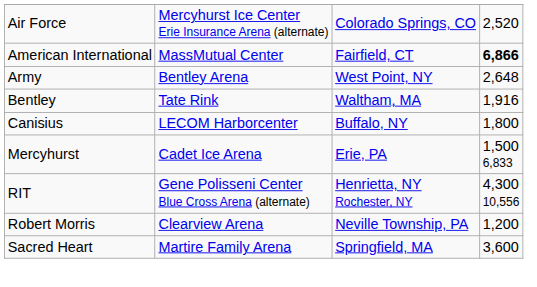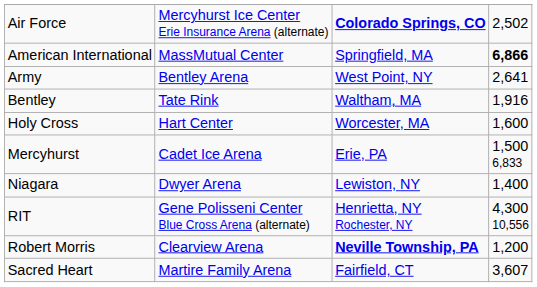 <table class="wikitable sortable">
 <tr>
 </tr>
 <tr>
 <td>Air Force</td>
 <td><a href='#'>Mercyhurst Ice Center</a><br><small><a href='#'>Erie Insurance Arena</a> (alternate)</small></td>
-<td><a href='#'>Colorado Springs, CO</a></td>
-<td>2,520</td>
+<td><strong><a href='#'>Colorado Springs, CO</a></strong></td>
+<td>2,502</td>
 </tr>
 <tr>
 <td>American International</td>
 <td><a href='#'>MassMutual Center</a></td>
-<td><a href='#'>Fairfield, CT</a></td>
+<td><a href='#'>Springfield, MA</a></td>
 <td><strong>6,866</strong></td>
 </tr>
 <tr>
 <td>Army</td>
 <td><a href='#'>Bentley Arena</a></td>
 <td><a href='#'>West Point, NY</a></td>
-<td>2,648</td>
+<td>2,641</td>
 </tr>
 <tr>
 <td>Bentley</td>
 <td><a href='#'>Tate Rink</a></td>
 <td><a href='#'>Waltham, MA</a></td>
 <td>1,916</td>
 </tr>
 <tr>
-<td>Canisius</td>
-<td><a href='#'>LECOM Harborcenter</a></td>
-<td><a href='#'>Buffalo, NY</a></td>
-<td>1,800</td>
+<td>Holy Cross</td>
+<td><a href='#'>Hart Center</a></td>
+<td><a href='#'>Worcester, MA</a></td>
+<td>1,600</td>
 </tr>
 <tr>
 <td>Mercyhurst</td>
 <td><a href='#'>Cadet Ice Arena</a></td>
 <td><a href='#'>Erie, PA</a></td>
 <td>1,500<br><small>6,833</small></td>
+</tr>
+<tr>
+<td>Niagara</td>
+<td><a href='#'>Dwyer Arena</a></td>
+<td><a href='#'>Lewiston, NY</a></td>
+<td>1,400</td>
 </tr>
 <tr>
 <td>RIT</td>
 <td><a href='#'>Gene Polisseni Center</a><br><small><a href='#'>Blue Cross Arena</a> (alternate)</small></td>
 <td><a href='#'>Henrietta, NY</a><br><small><a href='#'>Rochester, NY</a></small></td>
 <td>4,300<br><small>10,556</small></td>
 </tr>
 <tr>
 <td>Robert Morris</td>
 <td><a href='#'>Clearview Arena</a></td>
-<td><a href='#'>Neville Township, PA</a></td>
+<td><strong><a href='#'>Neville Township, PA</a></strong></td>
 <td>1,200</td>
 </tr>
 <tr>
 <td>Sacred Heart</td>
 <td><a href='#'>Martire Family Arena</a></td>
-<td><a href='#'>Springfield, MA</a></td>
-<td>3,600</td>
+<td><a href='#'>Fairfield, CT</a></td>
+<td>3,607</td>
 </tr>
 </table>
